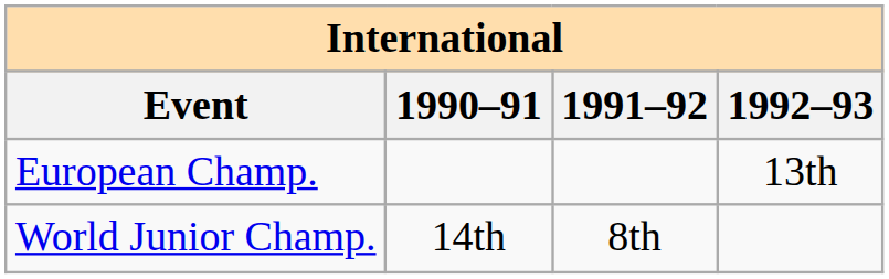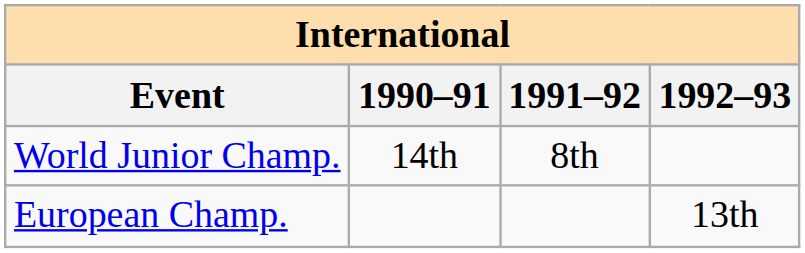 <table class="wikitable" style="text-align:center">
 <tr>
 <th style="background-color: #ffdead; " colspan=4 align=center>International</th>
 </tr>
 <tr>
 <th>Event</th>
 <th>1990–91</th>
 <th>1991–92</th>
 <th>1992–93</th>
 </tr>
 <tr>
+<td align=left><a href='#'>World Junior Champ.</a></td>
+<td>14th</td>
+<td>8th</td>
+<td></td>
+</tr>
+<tr>
 <td align=left><a href='#'>European Champ.</a></td>
 <td></td>
 <td></td>
 <td>13th</td>
 </tr>
-<tr>
-<td align=left><a href='#'>World Junior Champ.</a></td>
-<td>14th</td>
-<td>8th</td>
-<td></td>
-</tr>
 </table>
